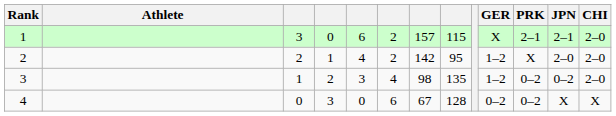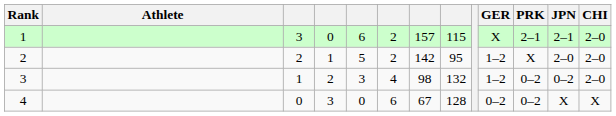 <table class="wikitable" style="text-align:center">
 <tr>
 <th>Rank</th>
 <th width=280>Athlete</th>
 <th width=30></th>
 <th width=30></th>
 <th width=30></th>
 <th width=30></th>
 <th width=30></th>
 <th width=30></th>
 <th rowspan=5></th>
 <th width=30>GER</th>
 <th width=30>PRK</th>
 <th width=30>JPN</th>
 <th width=30>CHI</th>
 </tr>
 <tr style="background-color:#ccffcc;">
 <td>1</td>
 <td align=left></td>
 <td>3</td>
 <td>0</td>
 <td>6</td>
 <td>2</td>
 <td>157</td>
 <td>115</td>
 <td>X</td>
 <td>2–1</td>
 <td>2–1</td>
 <td>2–0</td>
 </tr>
 <tr>
 <td>2</td>
 <td align=left></td>
 <td>2</td>
 <td>1</td>
-<td>4</td>
+<td>5</td>
 <td>2</td>
 <td>142</td>
 <td>95</td>
 <td>1–2</td>
 <td>X</td>
 <td>2–0</td>
 <td>2–0</td>
 </tr>
 <tr>
 <td>3</td>
 <td align=left></td>
 <td>1</td>
 <td>2</td>
 <td>3</td>
 <td>4</td>
 <td>98</td>
-<td>135</td>
+<td>132</td>
 <td>1–2</td>
 <td>0–2</td>
 <td>0–2</td>
 <td>2–0</td>
 </tr>
 <tr>
 <td>4</td>
 <td align=left></td>
 <td>0</td>
 <td>3</td>
 <td>0</td>
 <td>6</td>
 <td>67</td>
 <td>128</td>
 <td>0–2</td>
 <td>0–2</td>
 <td>X</td>
 <td>X</td>
 </tr>
 </table>
